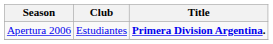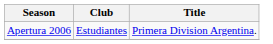 <table class="wikitable">
 <tr>
 <th>Season</th>
 <th>Club</th>
 <th>Title</th>
 </tr>
 <tr>
 <td><a href='#'>Apertura 2006</a></td>
 <td><a href='#'>Estudiantes</a></td>
-<td><strong><a href='#'>Primera Division Argentina</a>.</strong></td>
+<td><a href='#'>Primera Division Argentina</a>.</td>
 </tr>
 <tr>
 </tr>
 </table>
